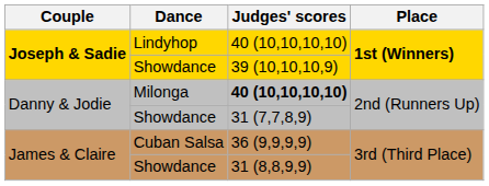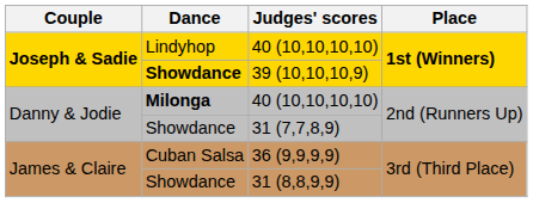 <table class="wikitable sortable">
 <tr>
 <th>Couple</th>
 <th>Dance</th>
 <th>Judges' scores</th>
 <th>Place</th>
 </tr>
 <tr style="background:gold">
 <td rowspan="2"><strong>Joseph & Sadie</strong></td>
 <td>Lindyhop</td>
 <td>40 (10,10,10,10)</td>
 <td rowspan="2"><strong>1st (Winners)</strong></td>
 </tr>
 <tr style="background:gold">
-<td>Showdance</td>
+<td><strong>Showdance</strong></td>
 <td>39 (10,10,10,9)</td>
 </tr>
 <tr style="background:silver">
 <td rowspan="2">Danny & Jodie</td>
-<td>Milonga</td>
-<td><strong>40 (10,10,10,10)</strong></td>
+<td><strong>Milonga</strong></td>
+<td>40 (10,10,10,10)</td>
 <td rowspan="2">2nd (Runners Up)</td>
 </tr>
 <tr style="background:silver">
 <td>Showdance</td>
 <td>31 (7,7,8,9)</td>
 </tr>
 <tr bgcolor=#c96>
 <td rowspan="2">James & Claire</td>
 <td>Cuban Salsa</td>
 <td>36 (9,9,9,9)</td>
 <td rowspan="2">3rd (Third Place)</td>
 </tr>
 <tr bgcolor=#c96>
 <td>Showdance</td>
 <td>31 (8,8,9,9)</td>
 </tr>
 </table>
